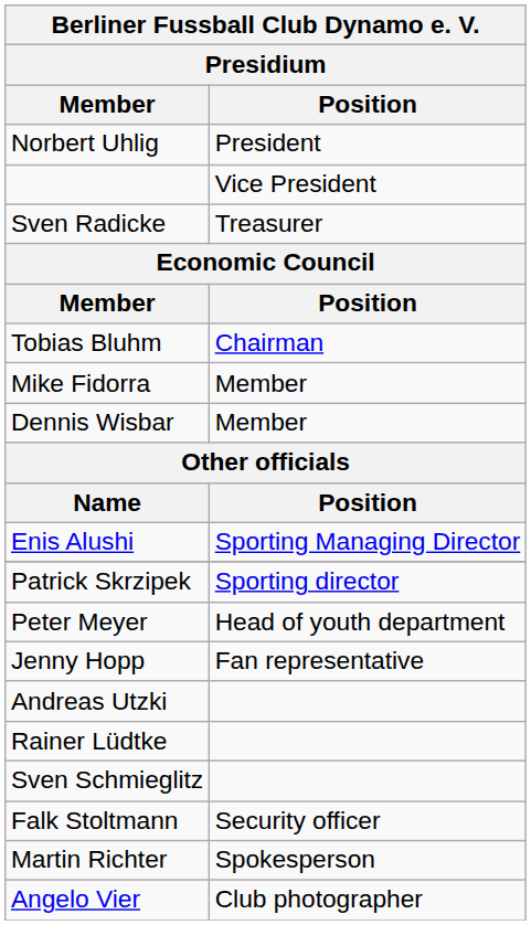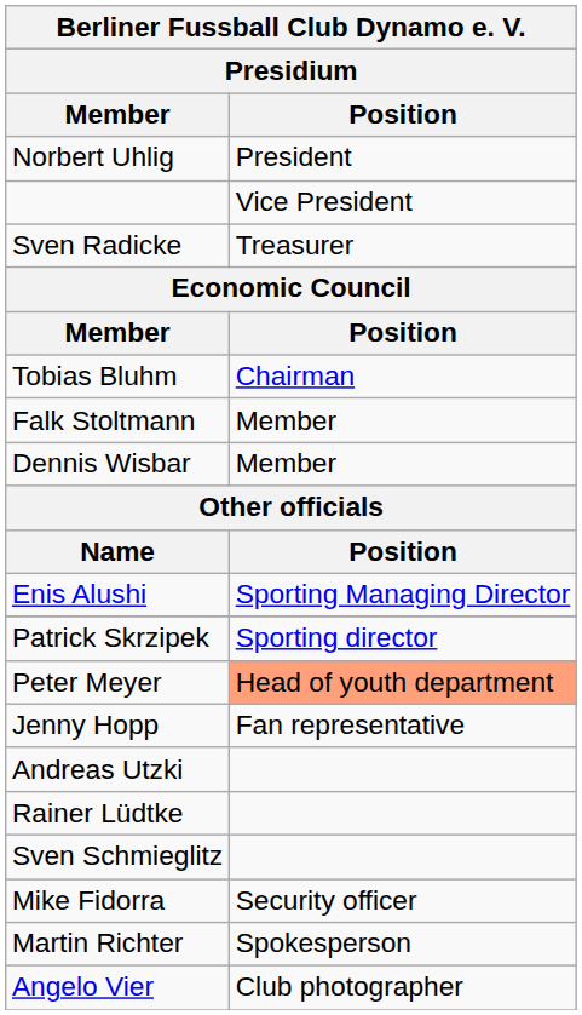 <table class="wikitable">
 <tr>
 <th colspan="2">Berliner Fussball Club Dynamo e. V.</th>
 </tr>
 <tr>
 <th colspan="2">Presidium</th>
 </tr>
 <tr>
 <th scope="col">Member</th>
 <th scope="col">Position</th>
 </tr>
 <tr>
 <td>Norbert Uhlig</td>
 <td>President</td>
 </tr>
 <tr>
 <td></td>
 <td>Vice President</td>
 </tr>
 <tr>
 <td>Sven Radicke</td>
 <td>Treasurer</td>
 </tr>
 <tr>
 <th colspan="2">Economic Council</th>
 </tr>
 <tr>
 <th scope="col">Member</th>
 <th scope="col">Position</th>
 </tr>
 <tr>
 <td>Tobias Bluhm</td>
 <td><a href='#'>Chairman</a></td>
 </tr>
 <tr>
-<td>Mike Fidorra</td>
+<td>Falk Stoltmann</td>
 <td>Member</td>
 </tr>
 <tr>
 <td>Dennis Wisbar</td>
 <td>Member</td>
 </tr>
 <tr>
 <th colspan="2">Other officials</th>
 </tr>
 <tr>
 <th scope="col">Name</th>
 <th scope="col">Position</th>
 </tr>
 <tr>
 <td><a href='#'>Enis Alushi</a></td>
 <td><a href='#'>Sporting Managing Director</a></td>
 </tr>
 <tr>
 </tr>
 <tr>
 <td>Patrick Skrzipek</td>
 <td><a href='#'>Sporting director</a></td>
 </tr>
 <tr>
 <td>Peter Meyer</td>
-<td>Head of youth department</td>
+<td style="background: lightsalmon;">Head of youth department</td>
 </tr>
 <tr>
 <td>Jenny Hopp</td>
 <td>Fan representative</td>
 </tr>
 <tr>
 <td>Andreas Utzki</td>
 <td></td>
 </tr>
 <tr>
 <td>Rainer Lüdtke</td>
 <td></td>
 </tr>
 <tr>
 <td>Sven Schmieglitz</td>
 <td></td>
 </tr>
 <tr>
-<td>Falk Stoltmann</td>
+<td>Mike Fidorra</td>
 <td>Security officer</td>
 </tr>
 <tr>
 <td>Martin Richter</td>
 <td>Spokesperson</td>
 </tr>
 <tr>
 <td><a href='#'>Angelo Vier</a></td>
 <td>Club photographer</td>
 </tr>
 </table>
